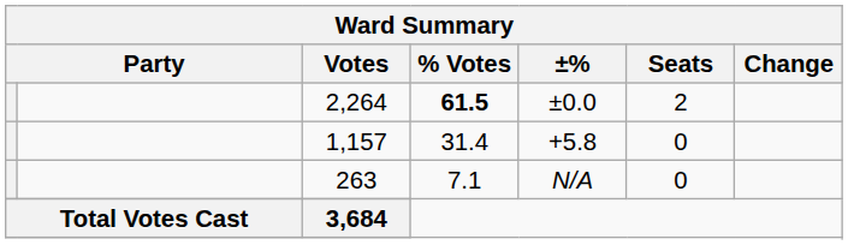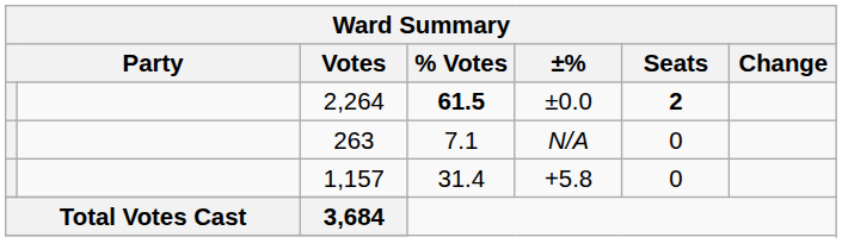 <table class="wikitable" style="font-size: 95%;">
 <tr style="background-color:#E9E9E9">
 <th colspan="7">Ward Summary</th>
 </tr>
 <tr style="background-color:#E9E9E9">
 <th colspan="2">Party</th>
 <th style="width: 60px">Votes</th>
 <th style="width: 60px">% Votes</th>
 <th style="width: 60px">±%</th>
 <th style="width: 60px">Seats</th>
 <th style="width: 60px">Change</th>
 </tr>
 <tr>
 <th style="background-color: "></th>
 <td style="width: 170px"><a href='#'></a></td>
 <td align="center">2,264</td>
 <td align="center"><strong>61.5</strong></td>
 <td align="center">±0.0</td>
-<td align="center">2</td>
+<td align="center"><strong>2</strong></td>
+<td align="center"></td>
+</tr>
+<tr>
+<th style="background-color: "></th>
+<td style="width: 170px"><a href='#'></a></td>
+<td align="center">263</td>
+<td align="center">7.1</td>
+<td align="center"><em>N/A</em></td>
+<td align="center">0</td>
 <td align="center"></td>
 </tr>
 <tr>
 <th style="background-color: "></th>
 <td style="width: 170px"><a href='#'></a></td>
 <td align="center">1,157</td>
 <td align="center">31.4</td>
 <td align="center">+5.8</td>
 <td align="center">0</td>
 <td align="center"></td>
 </tr>
 <tr>
-<th style="background-color: "></th>
-<td style="width: 170px"><a href='#'></a></td>
-<td align="center">263</td>
-<td align="center">7.1</td>
-<td align="center"><em>N/A</em></td>
-<td align="center">0</td>
-<td align="center"></td>
-</tr>
-<tr>
 </tr>
 <tr style="background-color:#E9E9E9">
 <th colspan="2">Total Votes Cast</th>
 <th style="width: 60px">3,684</th>
 </tr>
 <tr style="background-color:#E9E9E9">
 </tr>
 </table>
